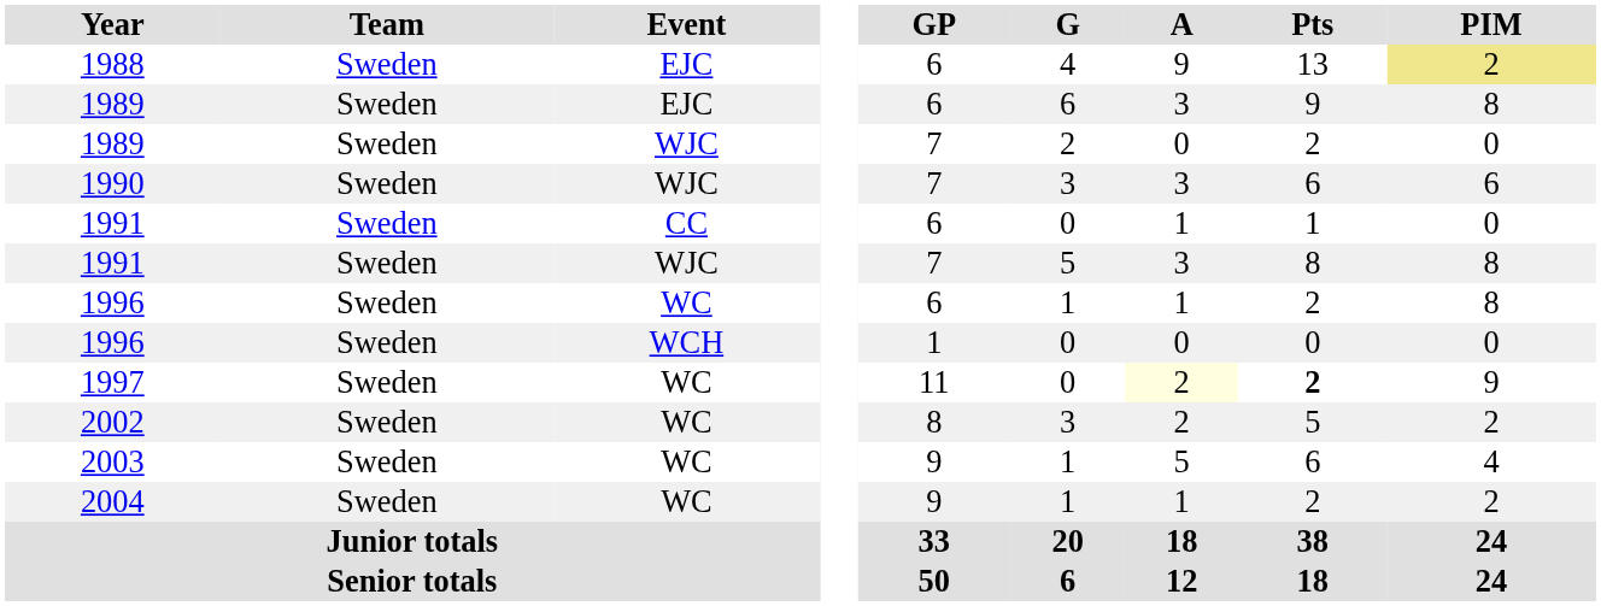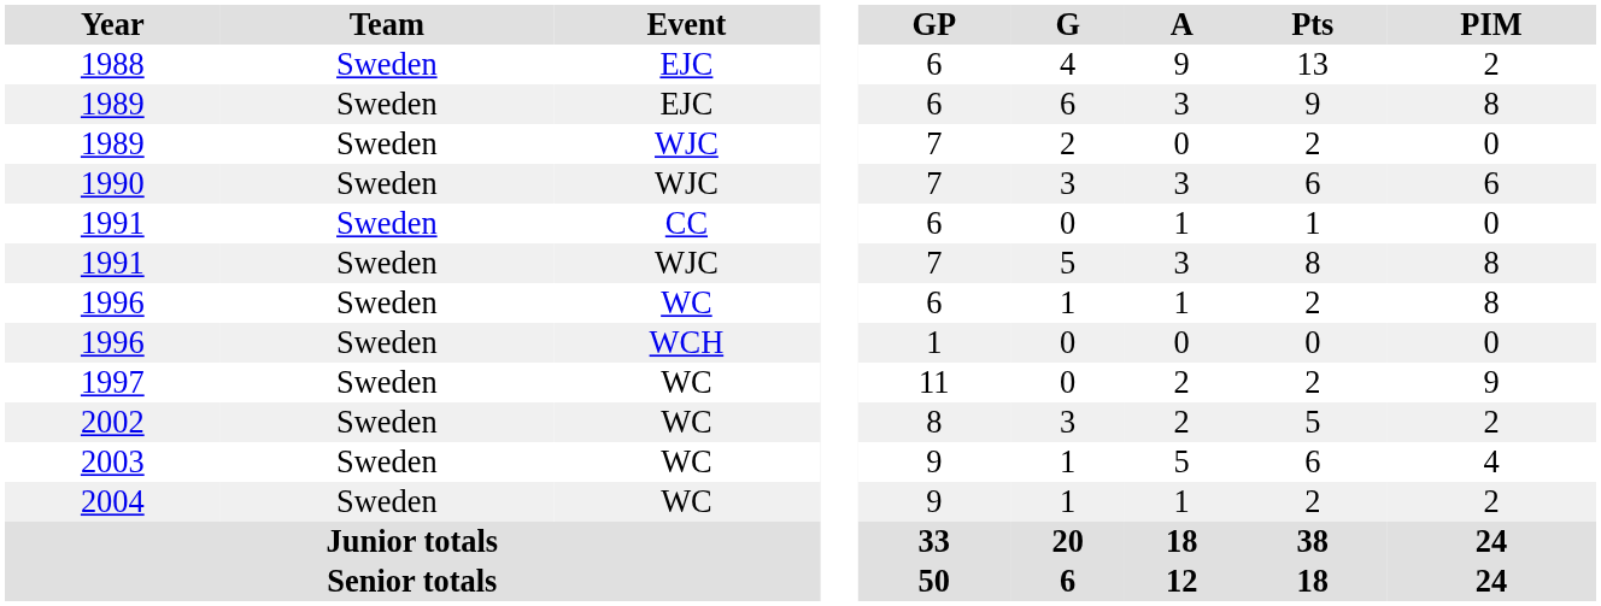 <table border="0" cellpadding="1" cellspacing="0" style="text-align:center; width:50em">
 <tr ALIGN="center" bgcolor="#e0e0e0">
 <th>Year</th>
 <th>Team</th>
 <th>Event</th>
 <th rowspan="99" bgcolor="#ffffff"> </th>
 <th>GP</th>
 <th>G</th>
 <th>A</th>
 <th>Pts</th>
 <th>PIM</th>
 </tr>
 <tr>
 <td><a href='#'>1988</a></td>
 <td><a href='#'>Sweden</a></td>
 <td><a href='#'>EJC</a></td>
 <td>6</td>
 <td>4</td>
 <td>9</td>
 <td>13</td>
-<td style="background: khaki;">2</td>
+<td>2</td>
 </tr>
 <tr bgcolor="#f0f0f0">
 <td><a href='#'>1989</a></td>
 <td>Sweden</td>
 <td>EJC</td>
 <td>6</td>
 <td>6</td>
 <td>3</td>
 <td>9</td>
 <td>8</td>
 </tr>
 <tr>
 <td><a href='#'>1989</a></td>
 <td>Sweden</td>
 <td><a href='#'>WJC</a></td>
 <td>7</td>
 <td>2</td>
 <td>0</td>
 <td>2</td>
 <td>0</td>
 </tr>
 <tr bgcolor="#f0f0f0">
 <td><a href='#'>1990</a></td>
 <td>Sweden</td>
 <td>WJC</td>
 <td>7</td>
 <td>3</td>
 <td>3</td>
 <td>6</td>
 <td>6</td>
 </tr>
 <tr>
 <td><a href='#'>1991</a></td>
 <td><a href='#'>Sweden</a></td>
 <td><a href='#'>CC</a></td>
 <td>6</td>
 <td>0</td>
 <td>1</td>
 <td>1</td>
 <td>0</td>
 </tr>
 <tr bgcolor="#f0f0f0">
 <td><a href='#'>1991</a></td>
 <td>Sweden</td>
 <td>WJC</td>
 <td>7</td>
 <td>5</td>
 <td>3</td>
 <td>8</td>
 <td>8</td>
 </tr>
 <tr>
 <td><a href='#'>1996</a></td>
 <td>Sweden</td>
 <td><a href='#'>WC</a></td>
 <td>6</td>
 <td>1</td>
 <td>1</td>
 <td>2</td>
 <td>8</td>
 </tr>
 <tr bgcolor="#f0f0f0">
 <td><a href='#'>1996</a></td>
 <td>Sweden</td>
 <td><a href='#'>WCH</a></td>
 <td>1</td>
 <td>0</td>
 <td>0</td>
 <td>0</td>
 <td>0</td>
 </tr>
 <tr>
 <td><a href='#'>1997</a></td>
 <td>Sweden</td>
 <td>WC</td>
 <td>11</td>
 <td>0</td>
-<td style="background: lightyellow;">2</td>
-<td><strong>2</strong></td>
+<td>2</td>
+<td>2</td>
 <td>9</td>
 </tr>
 <tr bgcolor="#f0f0f0">
 <td><a href='#'>2002</a></td>
 <td>Sweden</td>
 <td>WC</td>
 <td>8</td>
 <td>3</td>
 <td>2</td>
 <td>5</td>
 <td>2</td>
 </tr>
 <tr>
 <td><a href='#'>2003</a></td>
 <td>Sweden</td>
 <td>WC</td>
 <td>9</td>
 <td>1</td>
 <td>5</td>
 <td>6</td>
 <td>4</td>
 </tr>
 <tr bgcolor="#f0f0f0">
 <td><a href='#'>2004</a></td>
 <td>Sweden</td>
 <td>WC</td>
 <td>9</td>
 <td>1</td>
 <td>1</td>
 <td>2</td>
 <td>2</td>
 </tr>
 <tr bgcolor="#e0e0e0">
 <th colspan=3>Junior totals</th>
 <th>33</th>
 <th>20</th>
 <th>18</th>
 <th>38</th>
 <th>24</th>
 </tr>
 <tr bgcolor="#e0e0e0">
 <th colspan="3">Senior totals</th>
 <th>50</th>
 <th>6</th>
 <th>12</th>
 <th>18</th>
 <th>24</th>
 </tr>
 </table>
